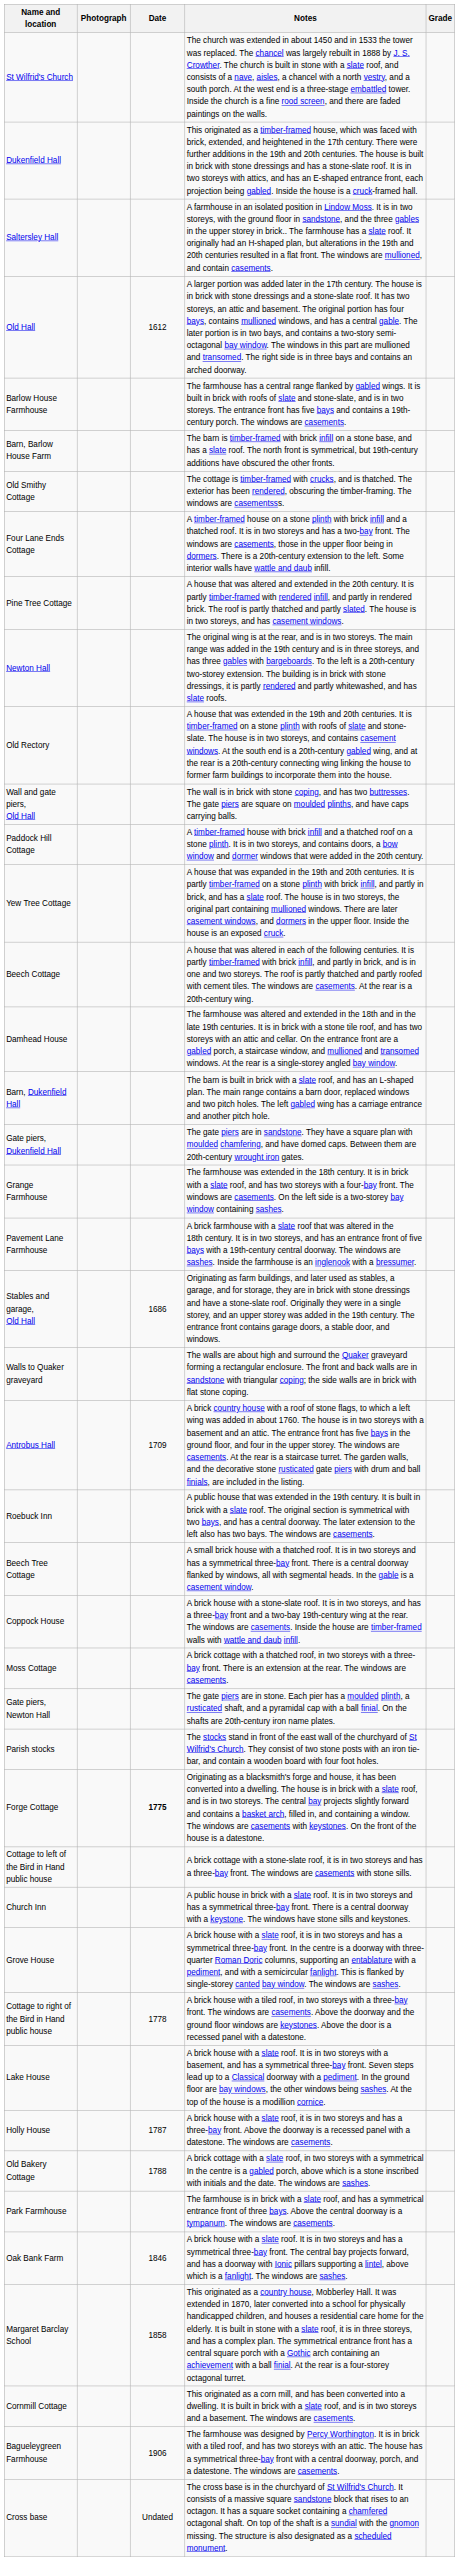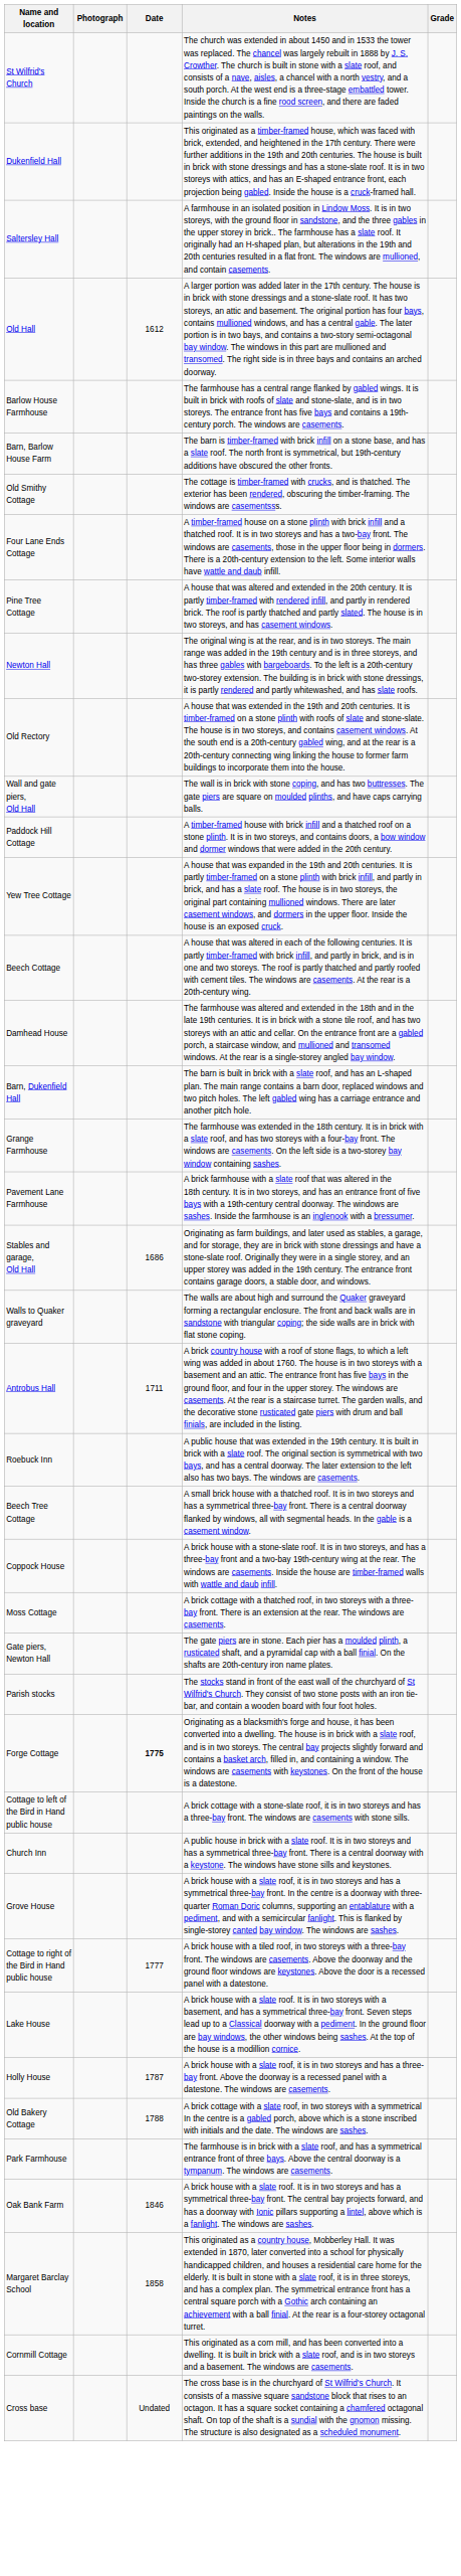 <table class="wikitable sortable plainrowheaders" style="width:100%;border:0px;text-align:left;line-height:150%;">
 <tr>
 <th scope="col" style="width:150px">Name and location</th>
 <th scope="col" style="width:100px" class="unsortable">Photograph</th>
 <th scope="col" style="width:120px">Date</th>
 <th scope="col" style="width:650px" class="unsortable">Notes</th>
 <th scope="col" style="width:50px">Grade</th>
 </tr>
 <tr>
 <td><a href='#'>St Wilfrid's Church</a><br><small></small></td>
 <td></td>
 <td align="center"></td>
 <td>The church was extended in about 1450 and in 1533 the tower was replaced. The <a href='#'>chancel</a> was largely rebuilt in 1888 by <a href='#'>J. S. Crowther</a>. The church is built in stone with a <a href='#'>slate</a> roof, and consists of a <a href='#'>nave</a>, <a href='#'>aisles</a>, a chancel with a north <a href='#'>vestry</a>, and a south porch. At the west end is a three-stage <a href='#'>embattled</a> tower. Inside the church is a fine <a href='#'>rood screen</a>, and there are faded paintings on the walls.</td>
 <td align="center" ></td>
 </tr>
 <tr>
 <td><a href='#'>Dukenfield Hall</a><br><small></small></td>
 <td></td>
 <td align="center"></td>
 <td>This originated as a <a href='#'>timber-framed</a> house, which was faced with brick, extended, and heightened in the 17th century. There were further additions in the 19th and 20th centuries. The house is built in brick with stone dressings and has a stone-slate roof. It is in two storeys with attics, and has an E-shaped entrance front, each projection being <a href='#'>gabled</a>. Inside the house is a <a href='#'>cruck</a>-framed hall.</td>
 <td align="center" ></td>
 </tr>
 <tr>
 <td><a href='#'>Saltersley Hall</a><br><small></small></td>
 <td></td>
 <td align="center"></td>
 <td>A farmhouse in an isolated position in <a href='#'>Lindow Moss</a>. It is in two storeys, with the ground floor in <a href='#'>sandstone</a>, and the three <a href='#'>gables</a> in the upper storey in brick.. The farmhouse has a <a href='#'>slate</a> roof. It originally had an H-shaped plan, but alterations in the 19th and 20th centuries resulted in a flat front. The windows are <a href='#'>mullioned</a>, and contain <a href='#'>casements</a>.</td>
 <td align="center" ></td>
 </tr>
 <tr>
 <td><a href='#'>Old Hall</a><br><small></small></td>
 <td></td>
 <td align="center">1612</td>
 <td>A larger portion was added later in the 17th century. The house is in brick with stone dressings and a stone-slate roof. It has two storeys, an attic and basement. The original portion has four <a href='#'>bays</a>, contains <a href='#'>mullioned</a> windows, and has a central <a href='#'>gable</a>. The later portion is in two bays, and contains a two-story semi-octagonal <a href='#'>bay window</a>. The windows in this part are mullioned and <a href='#'>transomed</a>. The right side is in three bays and contains an arched doorway.</td>
 <td align="center" ></td>
 </tr>
 <tr>
 <td>Barlow House Farmhouse<br><small></small></td>
 <td></td>
 <td align="center"></td>
 <td>The farmhouse has a central range flanked by <a href='#'>gabled</a> wings. It is built in brick with roofs of <a href='#'>slate</a> and stone-slate, and is in two storeys. The entrance front has five <a href='#'>bays</a> and contains a 19th-century porch. The windows are <a href='#'>casements</a>.</td>
 <td align="center" ></td>
 </tr>
 <tr>
 <td>Barn, Barlow House Farm<br><small></small></td>
 <td></td>
 <td align="center"></td>
 <td>The barn is <a href='#'>timber-framed</a> with brick <a href='#'>infill</a> on a stone base, and has a <a href='#'>slate</a> roof. The north front is symmetrical, but 19th-century additions have obscured the other fronts.</td>
 <td align="center" ></td>
 </tr>
 <tr>
 <td>Old Smithy Cottage<br><small></small></td>
 <td></td>
 <td align="center"></td>
 <td>The cottage is <a href='#'>timber-framed</a> with <a href='#'>crucks</a>, and is thatched. The exterior has been <a href='#'>rendered</a>, obscuring the timber-framing. The windows are <a href='#'>casementss</a>s.</td>
 <td align="center" ></td>
 </tr>
 <tr>
 <td>Four Lane Ends Cottage<br><small></small></td>
 <td></td>
 <td align="center"></td>
 <td>A <a href='#'>timber-framed</a> house on a stone <a href='#'>plinth</a> with brick <a href='#'>infill</a> and a thatched roof. It is in two storeys and has a two-<a href='#'>bay</a> front. The windows are <a href='#'>casements</a>, those in the upper floor being in <a href='#'>dormers</a>. There is a 20th-century extension to the left. Some interior walls have <a href='#'>wattle and daub</a> infill.</td>
 <td align="center" ></td>
 </tr>
 <tr>
 <td>Pine Tree Cottage<br><small></small></td>
 <td></td>
 <td align="center"></td>
 <td>A house that was altered and extended in the 20th century. It is partly <a href='#'>timber-framed</a> with <a href='#'>rendered</a> <a href='#'>infill</a>, and partly in rendered brick. The roof is partly thatched and partly <a href='#'>slated</a>. The house is in two storeys, and has <a href='#'>casement windows</a>.</td>
 <td align="center" ></td>
 </tr>
 <tr>
 <td><a href='#'>Newton Hall</a><br><small></small></td>
 <td></td>
 <td align="center"></td>
 <td>The original wing is at the rear, and is in two storeys. The main range was added in the 19th century and is in three storeys, and has three <a href='#'>gables</a> with <a href='#'>bargeboards</a>. To the left is a 20th-century two-storey extension. The building is in brick with stone dressings, it is partly <a href='#'>rendered</a> and partly whitewashed, and has <a href='#'>slate</a> roofs.</td>
 <td align="center" ></td>
 </tr>
 <tr>
 <td>Old Rectory<br><small></small></td>
 <td></td>
 <td align="center"></td>
 <td>A house that was extended in the 19th and 20th centuries. It is <a href='#'>timber-framed</a> on a stone <a href='#'>plinth</a> with roofs of <a href='#'>slate</a> and stone-slate. The house is in two storeys, and contains <a href='#'>casement windows</a>. At the south end is a 20th-century <a href='#'>gabled</a> wing, and at the rear is a 20th-century connecting wing linking the house to former farm buildings to incorporate them into the house.</td>
 <td align="center" ></td>
 </tr>
 <tr>
 <td>Wall and gate piers,<br><a href='#'>Old Hall</a><br><small></small></td>
 <td></td>
 <td align="center"></td>
 <td>The wall is in brick with stone <a href='#'>coping</a>, and has two <a href='#'>buttresses</a>. The gate <a href='#'>piers</a> are square on <a href='#'>moulded</a> <a href='#'>plinths</a>, and have caps carrying balls.</td>
 <td align="center" ></td>
 </tr>
 <tr>
 <td>Paddock Hill Cottage<br><small></small></td>
 <td></td>
 <td align="center"></td>
 <td>A <a href='#'>timber-framed</a> house with brick <a href='#'>infill</a> and a thatched roof on a stone <a href='#'>plinth</a>. It is in two storeys, and contains doors, a <a href='#'>bow window</a> and <a href='#'>dormer</a> windows that were added in the 20th century.</td>
 <td align="center" ></td>
 </tr>
 <tr>
 <td>Yew Tree Cottage<br><small></small></td>
 <td></td>
 <td align="center"></td>
 <td>A house that was expanded in the 19th and 20th centuries. It is partly <a href='#'>timber-framed</a> on a stone <a href='#'>plinth</a> with brick <a href='#'>infill</a>, and partly in brick, and has a <a href='#'>slate</a> roof. The house is in two storeys, the original part containing <a href='#'>mullioned</a> windows. There are later <a href='#'>casement windows</a>, and <a href='#'>dormers</a> in the upper floor. Inside the house is an exposed <a href='#'>cruck</a>.</td>
 <td align="center" ></td>
 </tr>
 <tr>
 <td>Beech Cottage<br><small></small></td>
 <td></td>
 <td align="center"></td>
 <td>A house that was altered in each of the following centuries. It is partly <a href='#'>timber-framed</a> with brick <a href='#'>infill</a>, and partly in brick, and is in one and two storeys. The roof is partly thatched and partly roofed with cement tiles. The windows are <a href='#'>casements</a>. At the rear is a 20th-century wing.</td>
 <td align="center" ></td>
 </tr>
 <tr>
 <td>Damhead House<br><small></small></td>
 <td></td>
 <td align="center"></td>
 <td>The farmhouse was altered and extended in the 18th and in the late 19th centuries. It is in brick with a stone tile roof, and has two storeys with an attic and cellar. On the entrance front are a <a href='#'>gabled</a> porch, a staircase window, and <a href='#'>mullioned</a> and <a href='#'>transomed</a> windows. At the rear is a single-storey angled <a href='#'>bay window</a>.</td>
 <td align="center" ></td>
 </tr>
 <tr>
 <td>Barn, <a href='#'>Dukenfield Hall</a><br><small></small></td>
 <td></td>
 <td align="center"></td>
 <td>The barn is built in brick with a <a href='#'>slate</a> roof, and has an L-shaped plan. The main range contains a barn door, replaced windows and two pitch holes. The left <a href='#'>gabled</a> wing has a carriage entrance and another pitch hole.</td>
 <td align="center" ></td>
 </tr>
 <tr>
-<td>Gate piers, <a href='#'>Dukenfield Hall</a><br><small></small></td>
-<td></td>
-<td align="center"></td>
-<td>The gate <a href='#'>piers</a> are in <a href='#'>sandstone</a>. They have a square plan with <a href='#'>moulded</a> <a href='#'>chamfering</a>, and have domed caps. Between them are 20th-century <a href='#'>wrought iron</a> gates.</td>
-<td align="center" ></td>
-</tr>
-<tr>
 <td>Grange Farmhouse<br><small></small></td>
 <td></td>
 <td align="center"></td>
 <td>The farmhouse was extended in the 18th century. It is in brick with a <a href='#'>slate</a> roof, and has two storeys with a four-<a href='#'>bay</a> front. The windows are <a href='#'>casements</a>. On the left side is a two-storey <a href='#'>bay window</a> containing <a href='#'>sashes</a>.</td>
 <td align="center" ></td>
 </tr>
 <tr>
 <td>Pavement Lane Farmhouse<br><small></small></td>
 <td></td>
 <td align="center"></td>
 <td>A brick farmhouse with a <a href='#'>slate</a> roof that was altered in the 18th century. It is in two storeys, and has an entrance front of five <a href='#'>bays</a> with a 19th-century central doorway. The windows are <a href='#'>sashes</a>. Inside the farmhouse is an <a href='#'>inglenook</a> with a <a href='#'>bressumer</a>.</td>
 <td align="center" ></td>
 </tr>
 <tr>
 <td>Stables and garage,<br><a href='#'>Old Hall</a><br><small></small></td>
 <td></td>
 <td align="center">1686</td>
 <td>Originating as farm buildings, and later used as stables, a garage, and for storage, they are in brick with stone dressings and have a stone-slate roof. Originally they were in a single storey, and an upper storey was added in the 19th century. The entrance front contains garage doors, a stable door, and windows.</td>
 <td align="center" ></td>
 </tr>
 <tr>
 <td>Walls to Quaker graveyard<br><small></small></td>
 <td></td>
 <td align="center"></td>
 <td>The walls are about  high and surround the <a href='#'>Quaker</a> graveyard forming a rectangular enclosure. The front and back walls are in <a href='#'>sandstone</a> with triangular <a href='#'>coping</a>; the side walls are in brick with flat stone coping.</td>
 <td align="center" ></td>
 </tr>
 <tr>
 <td><a href='#'>Antrobus Hall</a><br><small></small></td>
 <td></td>
-<td align="center">1709</td>
+<td align="center">1711</td>
 <td>A brick <a href='#'>country house</a> with a roof of stone flags, to which a left wing was added in about 1760. The house is in two storeys with a basement and an attic. The entrance front has five <a href='#'>bays</a> in the ground floor, and four in the upper storey. The windows are <a href='#'>casements</a>. At the rear is a staircase turret. The garden walls, and the decorative stone <a href='#'>rusticated</a> gate <a href='#'>piers</a> with drum and ball <a href='#'>finials</a>, are included in the listing.</td>
 <td align="center" ></td>
 </tr>
 <tr>
 <td>Roebuck Inn<br><small></small></td>
 <td></td>
 <td align="center"></td>
 <td>A public house that was extended in the 19th century. It is built in brick with a <a href='#'>slate</a> roof. The original section is symmetrical with two <a href='#'>bays</a>, and has a central doorway. The later extension to the left also has two bays. The windows are <a href='#'>casements</a>.</td>
 <td align="center" ></td>
 </tr>
 <tr>
 <td>Beech Tree Cottage<br><small></small></td>
 <td></td>
 <td align="center"></td>
 <td>A small brick house with a thatched roof. It is in two storeys and has a symmetrical three-<a href='#'>bay</a> front. There is a central doorway flanked by windows, all with segmental heads. In the <a href='#'>gable</a> is a <a href='#'>casement window</a>.</td>
 <td align="center" ></td>
 </tr>
 <tr>
 <td>Coppock House<br><small></small></td>
 <td></td>
 <td align="center"></td>
 <td>A brick house with a stone-slate roof. It is in two storeys, and has a three-<a href='#'>bay</a> front and a two-bay 19th-century wing at the rear. The windows are <a href='#'>casements</a>. Inside the house are <a href='#'>timber-framed</a> walls with <a href='#'>wattle and daub</a> <a href='#'>infill</a>.</td>
 <td align="center" ></td>
 </tr>
 <tr>
 <td>Moss Cottage<br><small></small></td>
 <td></td>
 <td align="center"></td>
 <td>A brick cottage with a thatched roof, in two storeys with a three-<a href='#'>bay</a> front. There is an extension at the rear. The windows are <a href='#'>casements</a>.</td>
 <td align="center" ></td>
 </tr>
 <tr>
 <td>Gate piers, Newton Hall<br><small></small></td>
 <td></td>
 <td align="center"></td>
 <td>The gate <a href='#'>piers</a> are in stone. Each pier has a <a href='#'>moulded</a> <a href='#'>plinth</a>, a <a href='#'>rusticated</a> shaft, and a pyramidal cap with a ball <a href='#'>finial</a>. On the shafts are 20th-century iron name plates.</td>
 <td align="center" ></td>
 </tr>
 <tr>
 <td>Parish stocks<br><small></small></td>
 <td></td>
 <td align="center"></td>
 <td>The <a href='#'>stocks</a> stand in front of the east wall of the churchyard of <a href='#'>St Wilfrid's Church</a>. They consist of two stone posts with an iron tie-bar, and contain a wooden board with four foot holes.</td>
 <td align="center" ></td>
 </tr>
 <tr>
 <td>Forge Cottage<br><small></small></td>
 <td></td>
 <td align="center"><strong>1775</strong></td>
 <td>Originating as a blacksmith's forge and house, it has been converted into a dwelling. The house is in brick with a <a href='#'>slate</a> roof, and is in two storeys. The central <a href='#'>bay</a> projects slightly forward and contains a <a href='#'>basket arch</a>, filled in, and containing a window. The windows are <a href='#'>casements</a> with <a href='#'>keystones</a>. On the front of the house is a datestone.</td>
 <td align="center" ></td>
 </tr>
 <tr>
 <td>Cottage to left of the Bird in Hand public house<br><small></small></td>
 <td></td>
 <td align="center"></td>
 <td>A brick cottage with a stone-slate roof, it is in two storeys and has a three-<a href='#'>bay</a> front. The windows are <a href='#'>casements</a> with stone sills.</td>
 <td align="center" ></td>
 </tr>
 <tr>
 <td>Church Inn<br><small></small></td>
 <td></td>
 <td align="center"></td>
 <td>A public house in brick with a <a href='#'>slate</a> roof. It is in two storeys and has a symmetrical three-<a href='#'>bay</a> front. There is a central doorway with a <a href='#'>keystone</a>. The windows have stone sills and keystones.</td>
 <td align="center" ></td>
 </tr>
 <tr>
 <td>Grove House<br><small></small></td>
 <td></td>
 <td align="center"></td>
 <td>A brick house with a <a href='#'>slate</a> roof, it is in two storeys and has a symmetrical three-<a href='#'>bay</a> front. In the centre is a doorway with three-quarter <a href='#'>Roman Doric</a> columns, supporting an <a href='#'>entablature</a> with a <a href='#'>pediment</a>, and with a semicircular <a href='#'>fanlight</a>. This is flanked by single-storey <a href='#'>canted</a> <a href='#'>bay window</a>. The windows are <a href='#'>sashes</a>.</td>
 <td align="center" ></td>
 </tr>
 <tr>
 <td>Cottage to right of the Bird in Hand public house<br><small></small></td>
 <td></td>
-<td align="center">1778</td>
+<td align="center">1777</td>
 <td>A brick house with a tiled roof, in two storeys with a three-<a href='#'>bay</a> front. The windows are <a href='#'>casements</a>. Above the doorway and the ground floor windows are <a href='#'>keystones</a>. Above the door is a recessed panel with a datestone.</td>
 <td align="center" ></td>
 </tr>
 <tr>
 <td>Lake House<br><small></small></td>
 <td></td>
 <td align="center"></td>
 <td>A brick house with a <a href='#'>slate</a> roof. It is in two storeys with a basement, and has a symmetrical three-<a href='#'>bay</a> front. Seven steps lead up to a <a href='#'>Classical</a> doorway with a <a href='#'>pediment</a>. In the ground floor are <a href='#'>bay windows</a>, the other windows being <a href='#'>sashes</a>. At the top of the house is a modillion <a href='#'>cornice</a>.</td>
 <td align="center" ></td>
 </tr>
 <tr>
 <td>Holly House<br><small></small></td>
 <td></td>
 <td align="center">1787</td>
 <td>A brick house with a <a href='#'>slate</a> roof, it is in two storeys and has a three-<a href='#'>bay</a> front. Above the doorway is a recessed panel with a datestone. The windows are <a href='#'>casements</a>.</td>
 <td align="center" ></td>
 </tr>
 <tr>
 <td>Old Bakery Cottage<br><small></small></td>
 <td></td>
 <td align="center">1788</td>
 <td>A brick cottage with a <a href='#'>slate</a> roof, in two storeys with a symmetrical  In the centre is a <a href='#'>gabled</a> porch, above which is a stone inscribed with initials and the date. The windows are <a href='#'>sashes</a>.</td>
 <td align="center" ></td>
 </tr>
 <tr>
 <td>Park Farmhouse<br><small></small></td>
 <td></td>
 <td align="center"></td>
 <td>The farmhouse is in brick with a <a href='#'>slate</a> roof, and has a symmetrical entrance front of three <a href='#'>bays</a>. Above the central doorway is a <a href='#'>tympanum</a>. The windows are <a href='#'>casements</a>.</td>
 <td align="center" ></td>
 </tr>
 <tr>
 <td>Oak Bank Farm<br><small></small></td>
 <td></td>
 <td align="center">1846</td>
 <td>A brick house with a <a href='#'>slate</a> roof. It is in two storeys and has a symmetrical three-<a href='#'>bay</a> front. The central bay projects forward, and has a doorway with <a href='#'>Ionic</a> pillars supporting a <a href='#'>lintel</a>, above which is a <a href='#'>fanlight</a>.  The windows are <a href='#'>sashes</a>.</td>
 <td align="center" ></td>
 </tr>
 <tr>
 <td>Margaret Barclay School<br><small></small></td>
 <td></td>
 <td align="center">1858</td>
 <td>This originated as a <a href='#'>country house</a>, Mobberley Hall. It was extended in 1870, later converted into a school for physically handicapped children, and  houses a residential care home for the elderly. It is built in stone with a <a href='#'>slate</a> roof, it is in three storeys, and has a complex plan. The symmetrical entrance front has a central square porch with a <a href='#'>Gothic</a> arch containing an <a href='#'>achievement</a> with a ball <a href='#'>finial</a>. At the rear is a four-storey octagonal turret.</td>
 <td align="center" ></td>
 </tr>
 <tr>
 <td>Cornmill Cottage<br><small></small></td>
 <td></td>
 <td align="center"></td>
 <td>This originated as a corn mill, and has been converted into a dwelling. It is built in brick with a <a href='#'>slate</a> roof, and is in two storeys and a basement. The windows are <a href='#'>casements</a>.</td>
 <td align="center" ></td>
 </tr>
 <tr>
-<td>Bagueleygreen Farmhouse<br><small></small></td>
-<td></td>
-<td align="center">1906</td>
-<td>The farmhouse was designed by <a href='#'>Percy Worthington</a>. It is in brick with a tiled roof, and has two storeys with an attic. The house has a symmetrical three-<a href='#'>bay</a> front with a central doorway, porch, and a datestone. The windows are <a href='#'>casements</a>.</td>
-<td align="center" ></td>
-</tr>
-<tr>
 <td>Cross base<br><small></small></td>
 <td></td>
 <td align="center">Undated</td>
 <td>The cross base is in the churchyard of <a href='#'>St Wilfrid's Church</a>. It consists of a massive square <a href='#'>sandstone</a> block that rises to an octagon. It has a square socket containing a <a href='#'>chamfered</a> octagonal shaft. On top of the shaft is a <a href='#'>sundial</a> with the <a href='#'>gnomon</a> missing. The structure is also designated as a <a href='#'>scheduled monument</a>.</td>
 <td align="center" ></td>
 </tr>
 <tr>
 </tr>
 </table>
